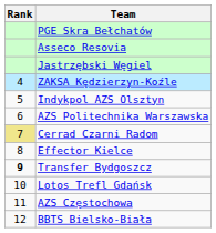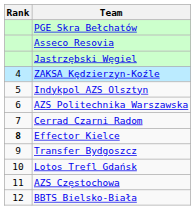 <table class="wikitable" style="white-space: nowrap; width:25%;">
 <tr>
 <th width=15%>Rank</th>
 <th>Team</th>
 </tr>
 <tr bgcolor=#CCFFCC>
 <td style="text-align:center;"></td>
 <td><a href='#'>PGE Skra Bełchatów</a></td>
 </tr>
 <tr bgcolor=#CCFFCC>
 <td style="text-align:center;"></td>
 <td><a href='#'>Asseco Resovia</a></td>
 </tr>
 <tr bgcolor=#CCFFCC>
 <td style="text-align:center;"></td>
 <td><a href='#'>Jastrzębski Węgiel</a></td>
 </tr>
 <tr bgcolor=#BBEBFF>
 <td style="text-align:center;">4</td>
 <td><a href='#'>ZAKSA Kędzierzyn-Koźle</a></td>
 </tr>
 <tr>
 <td style="text-align:center;">5</td>
 <td><a href='#'>Indykpol AZS Olsztyn</a></td>
 </tr>
 <tr>
 <td style="text-align:center;">6</td>
 <td><a href='#'>AZS Politechnika Warszawska</a></td>
 </tr>
 <tr>
-<td style="background: khaki; text-align:center;">7</td>
+<td style="text-align:center;">7</td>
 <td><a href='#'>Cerrad Czarni Radom</a></td>
 </tr>
 <tr>
-<td style="text-align:center;">8</td>
+<td style="text-align:center;"><strong>8</strong></td>
 <td><a href='#'>Effector Kielce</a></td>
 </tr>
 <tr>
-<td style="text-align:center;"><strong>9</strong></td>
+<td style="text-align:center;">9</td>
 <td><a href='#'>Transfer Bydgoszcz</a></td>
 </tr>
 <tr>
 <td style="text-align:center;">10</td>
 <td><a href='#'>Lotos Trefl Gdańsk</a></td>
 </tr>
 <tr>
 <td style="text-align:center;">11</td>
 <td><a href='#'>AZS Częstochowa</a></td>
 </tr>
 <tr>
 <td style="text-align:center;">12</td>
 <td><a href='#'>BBTS Bielsko-Biała</a></td>
 </tr>
 </table>
